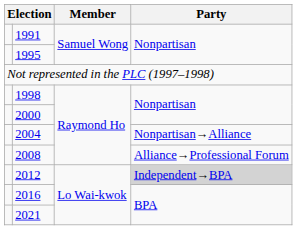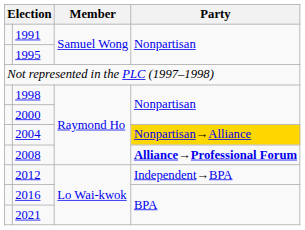 <table class="wikitable">
 <tr>
 <th colspan="2">Election</th>
 <th>Member</th>
 <th>Party</th>
 </tr>
 <tr>
 <td style="background-color: "></td>
 <td><a href='#'>1991</a></td>
 <td rowspan=2><a href='#'>Samuel Wong</a></td>
 <td rowspan=2><a href='#'>Nonpartisan</a></td>
 </tr>
 <tr>
 <td style="background-color: "></td>
 <td><a href='#'>1995</a></td>
 </tr>
 <tr>
 <td colspan="4"><em>Not represented in the <a href='#'>PLC</a> (1997–1998)</em></td>
 </tr>
 <tr>
 <td style="background-color: "></td>
 <td><a href='#'>1998</a></td>
 <td rowspan="4"><a href='#'>Raymond Ho</a></td>
 <td rowspan="2"><a href='#'>Nonpartisan</a></td>
 </tr>
 <tr>
 <td style="background-color: "></td>
 <td><a href='#'>2000</a></td>
 </tr>
 <tr>
 <td style="background-color: "></td>
 <td><a href='#'>2004</a></td>
-<td><a href='#'>Nonpartisan</a>→<a href='#'>Alliance</a></td>
+<td style="background: gold;"><a href='#'>Nonpartisan</a>→<a href='#'>Alliance</a></td>
 </tr>
 <tr>
 <td style="background-color: "></td>
 <td><a href='#'>2008</a></td>
-<td><a href='#'>Alliance</a>→<a href='#'>Professional Forum</a></td>
+<td><strong><a href='#'>Alliance</a>→<a href='#'>Professional Forum</a></strong></td>
 </tr>
 <tr>
 <td style="background-color: "></td>
 <td><a href='#'>2012</a></td>
 <td rowspan="3"><a href='#'>Lo Wai-kwok</a></td>
-<td style="background: lightgrey;"><a href='#'>Independent</a>→<a href='#'>BPA</a></td>
+<td><a href='#'>Independent</a>→<a href='#'>BPA</a></td>
 </tr>
 <tr>
 <td style="background-color: "></td>
 <td><a href='#'>2016</a></td>
 <td rowspan=2><a href='#'>BPA</a></td>
 </tr>
 <tr>
 <td style="background-color: "></td>
 <td><a href='#'>2021</a></td>
 </tr>
 </table>
